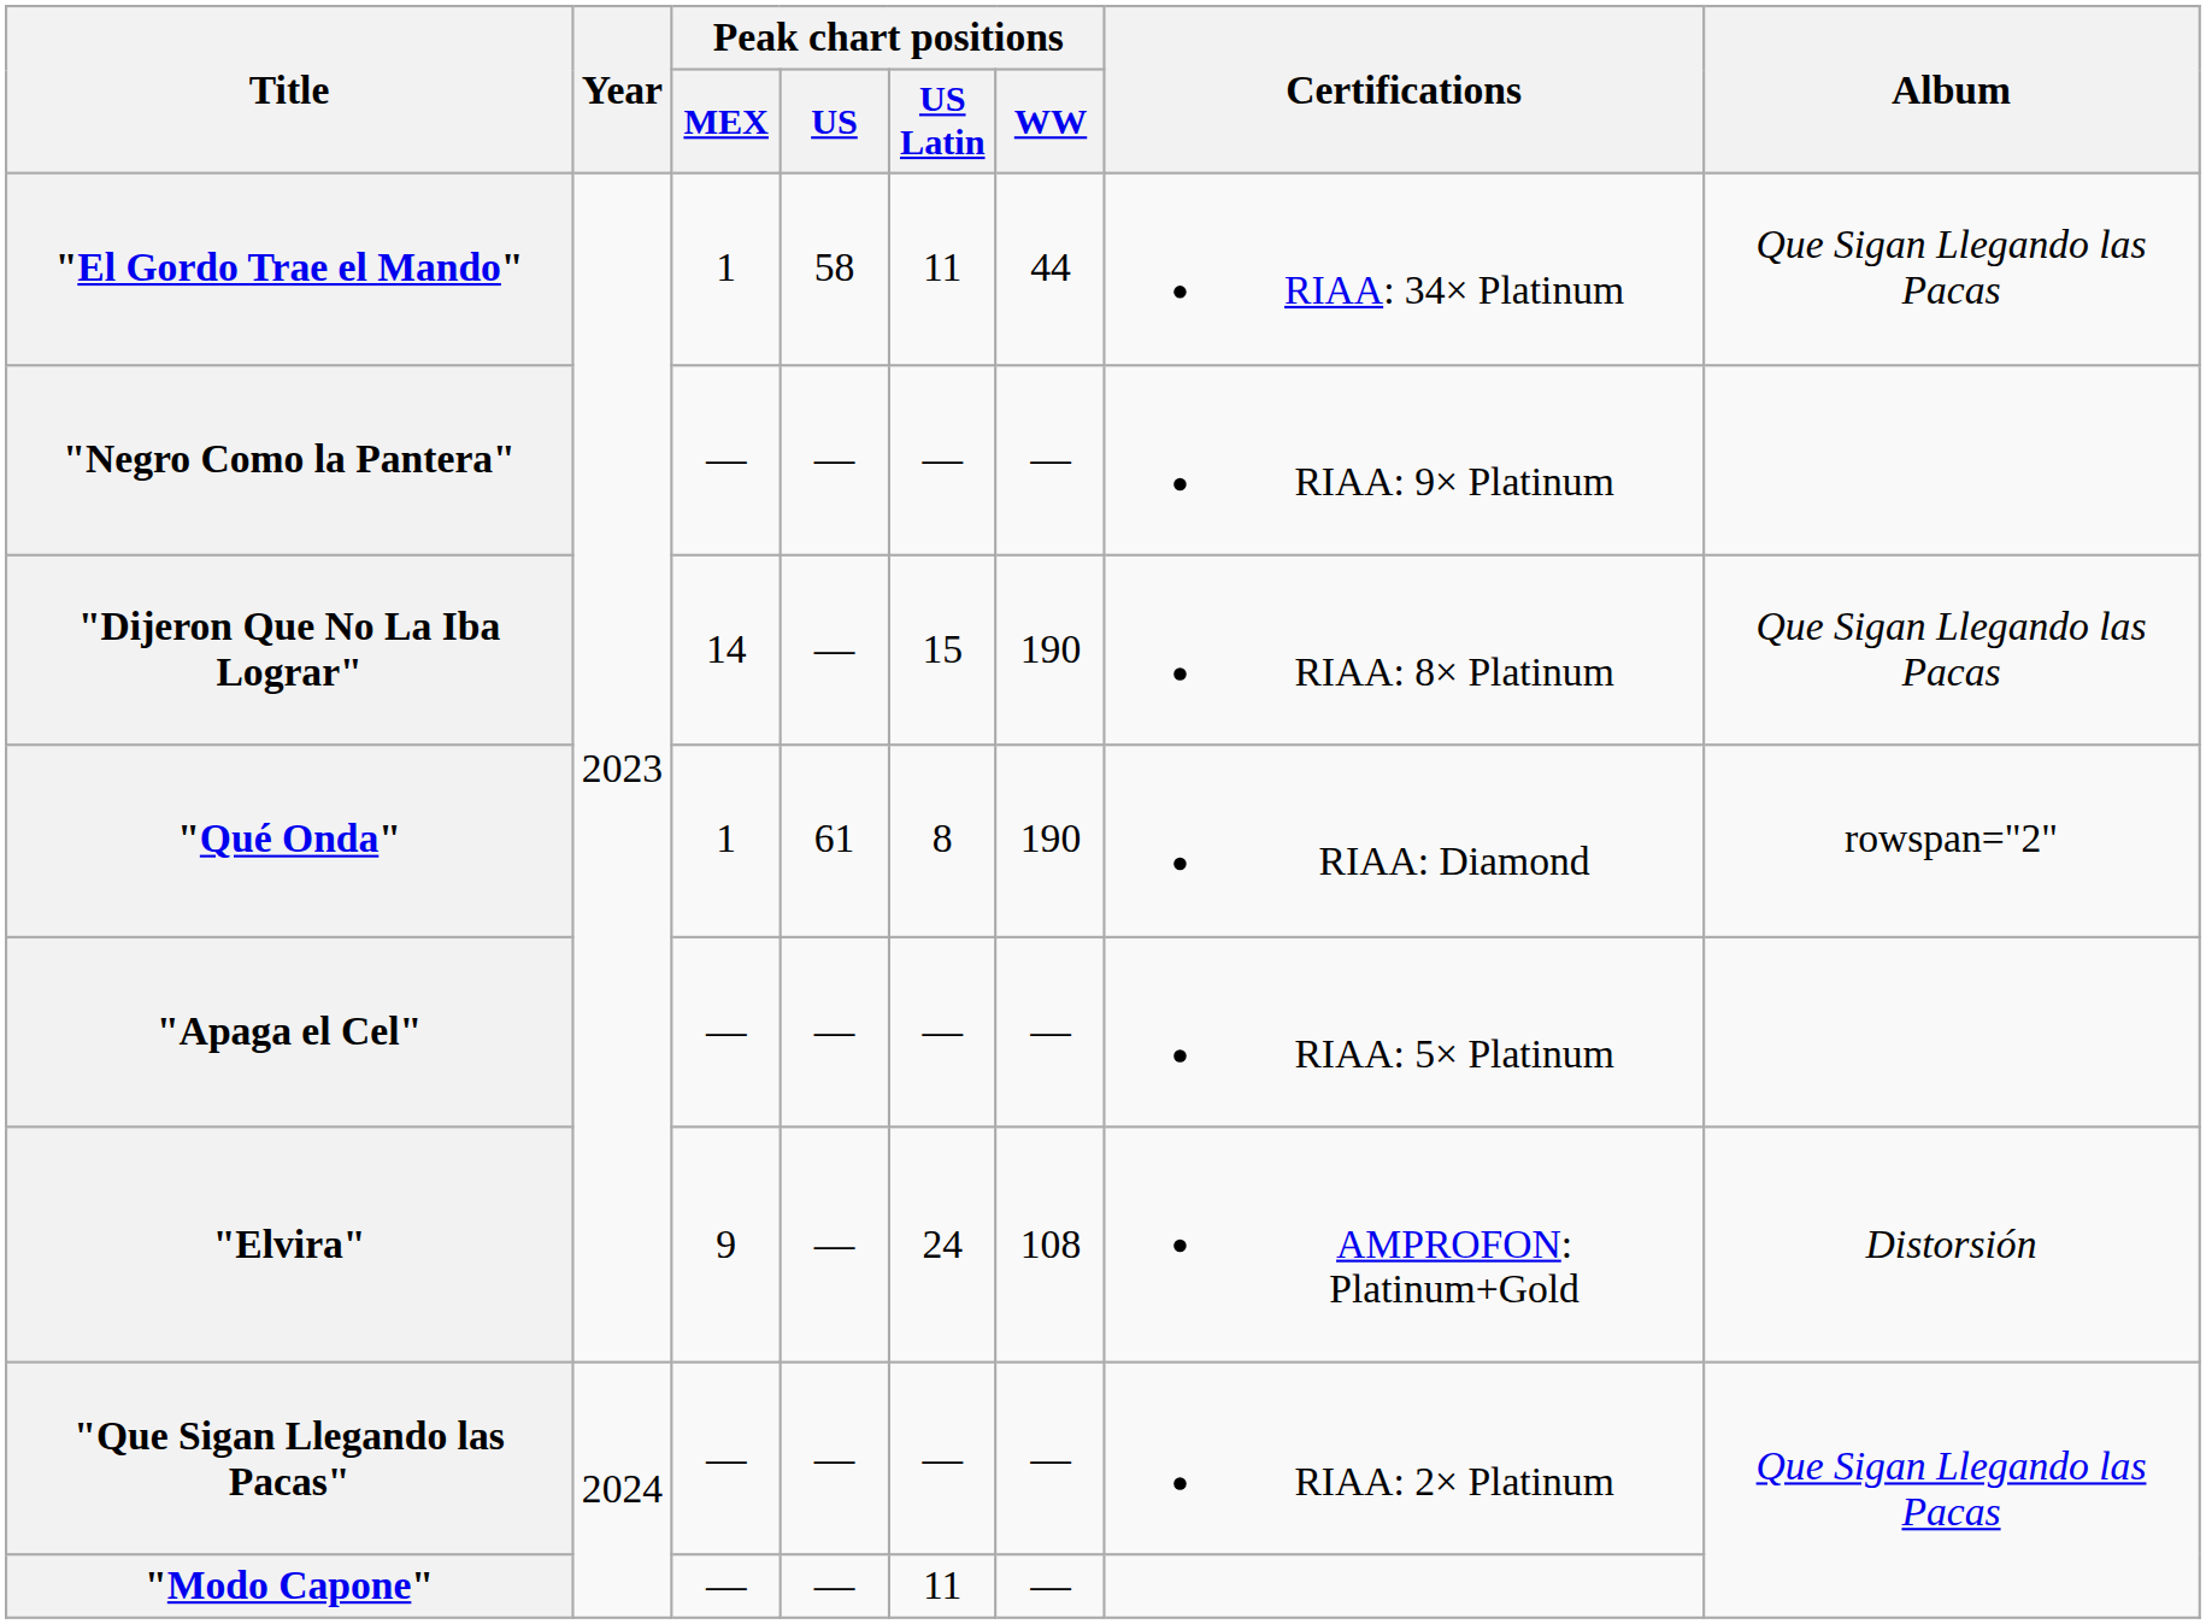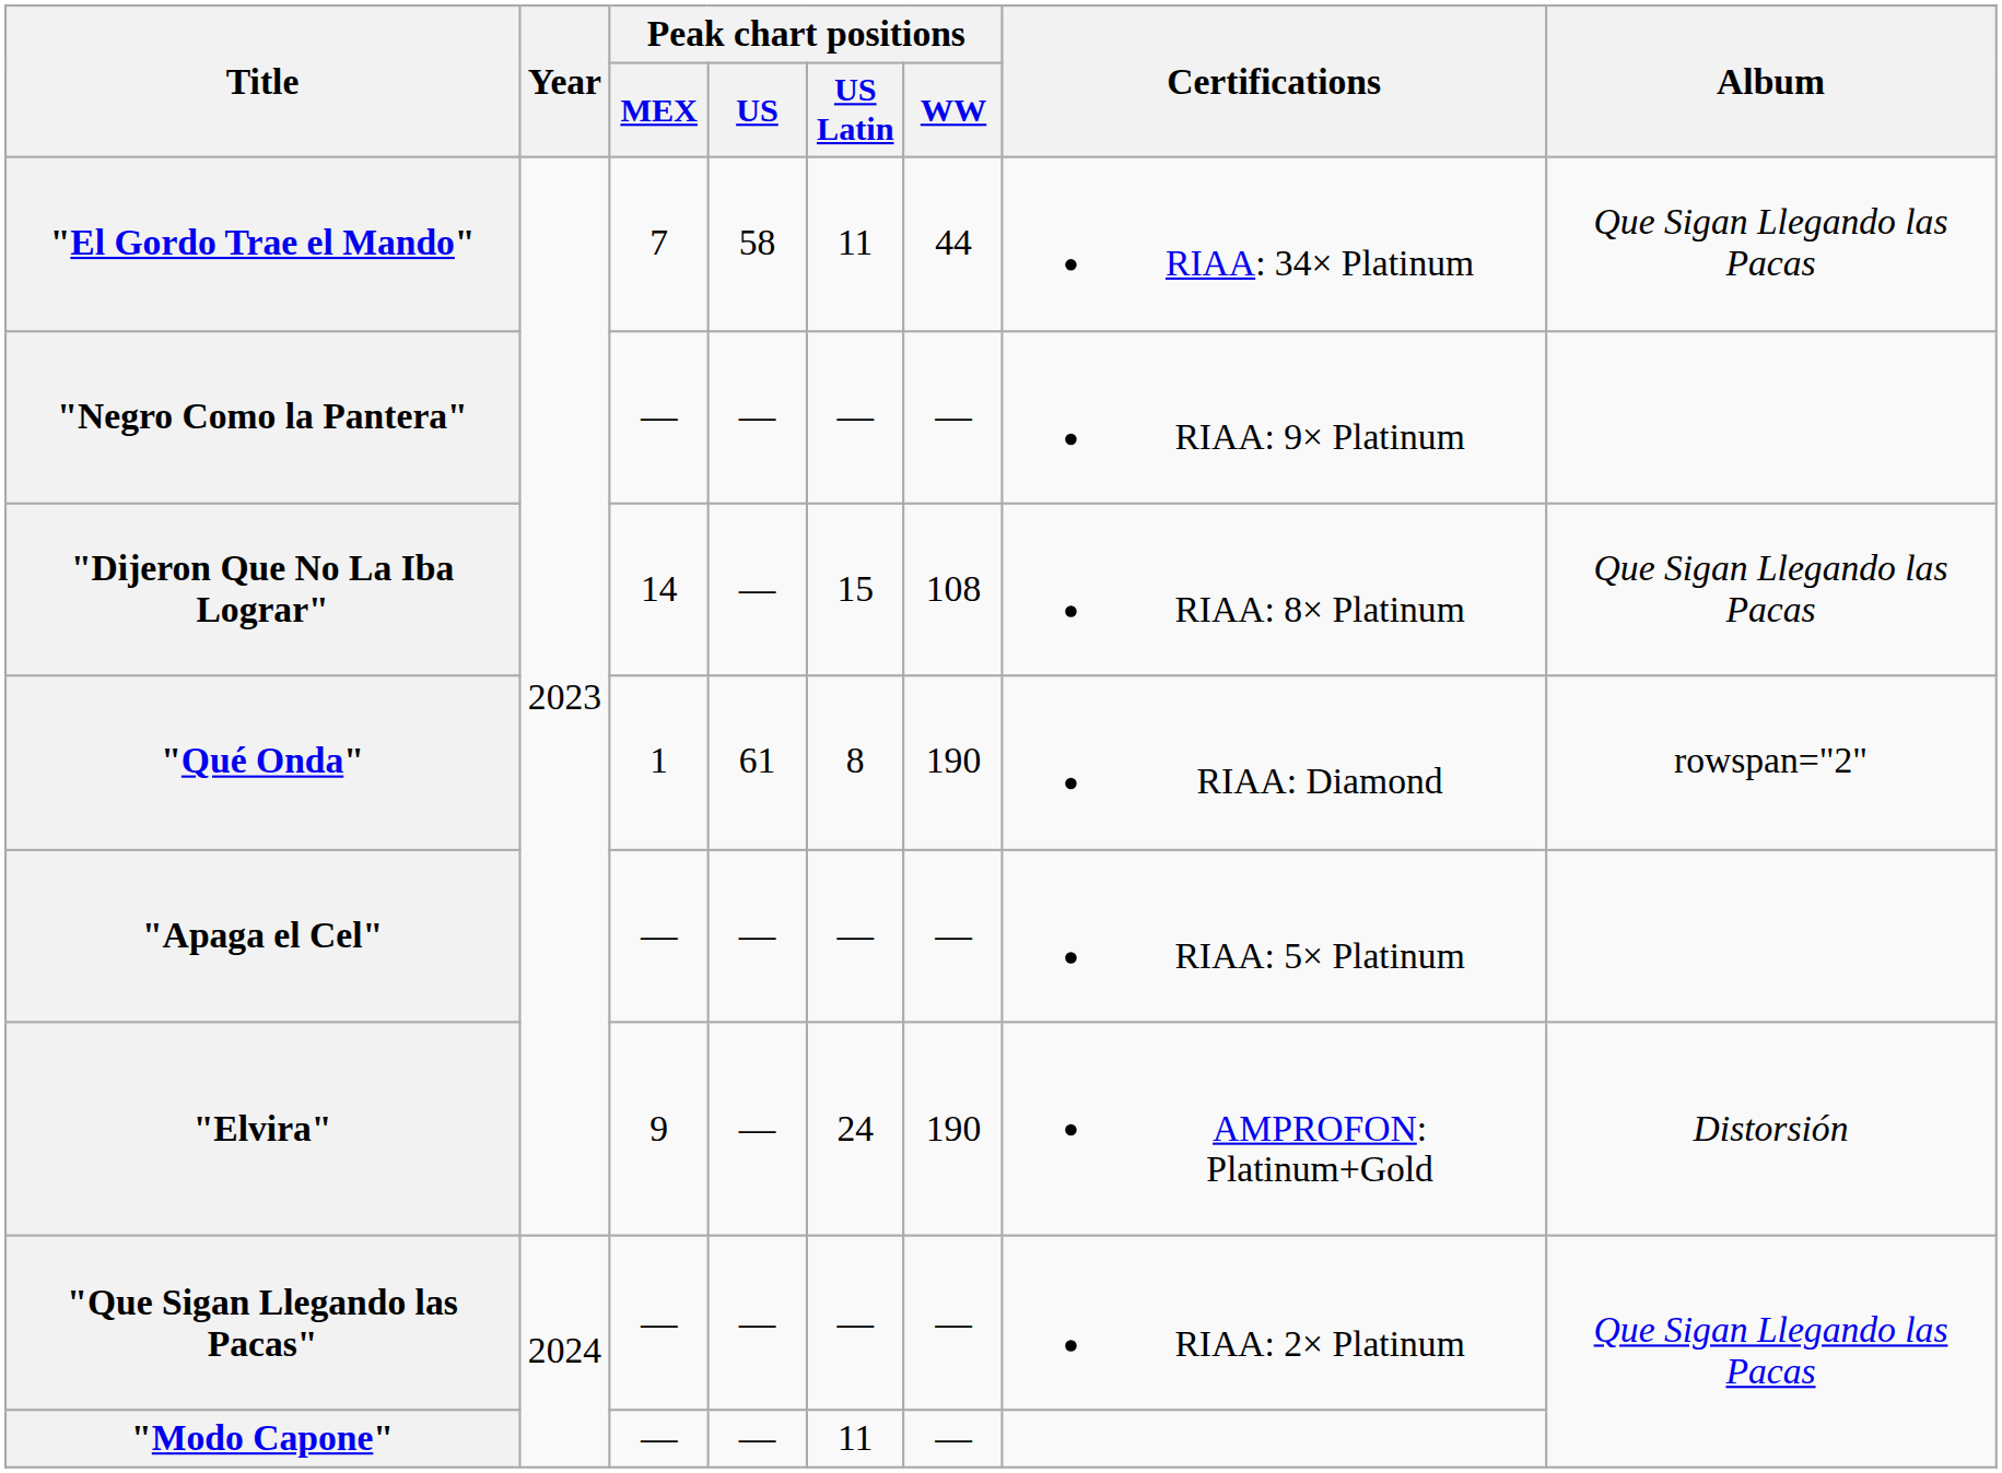 <table class="wikitable plainrowheaders" style="text-align:center;">
 <tr>
 <th scope="col" rowspan="2">Title</th>
 <th scope="col" rowspan="2">Year</th>
 <th scope="col" colspan="4">Peak chart positions</th>
 <th scope="col" rowspan="2">Certifications</th>
 <th scope="col" rowspan="2">Album</th>
 </tr>
 <tr>
 <th scope="col" style="width:2.5em;font-size:90%;"><a href='#'>MEX</a><br></th>
 <th scope="col" style="width:2.5em;font-size:90%;"><a href='#'>US</a><br></th>
 <th scope="col" style="width:2.5em; font-size:90%;"><a href='#'>US<br>Latin</a><br></th>
 <th scope="col" style="width:2.5em;font-size:90%;"><a href='#'>WW</a><br></th>
 </tr>
 <tr>
 <th scope="row">"<a href='#'>El Gordo Trae el Mando</a>"</th>
 <td rowspan="6">2023</td>
-<td>1</td>
+<td>7</td>
 <td>58</td>
 <td>11</td>
 <td>44</td>
 <td><br><ul><li><a href='#'>RIAA</a>: 34× Platinum </li></ul></td>
 <td><em>Que Sigan Llegando las Pacas</em></td>
 </tr>
 <tr>
 <th scope="row">"Negro Como la Pantera"<br></th>
 <td>—</td>
 <td>—</td>
 <td>—</td>
 <td>—</td>
 <td><br><ul><li>RIAA: 9× Platinum </li></ul></td>
 <td></td>
 </tr>
 <tr>
 <th scope="row">"Dijeron Que No La Iba Lograr"<br></th>
 <td>14</td>
 <td>—</td>
 <td>15</td>
-<td>190</td>
+<td>108</td>
 <td><br><ul><li>RIAA: 8× Platinum </li></ul></td>
 <td><em>Que Sigan Llegando las Pacas</em></td>
 </tr>
 <tr>
 <th scope="row">"<a href='#'>Qué Onda</a>"<br></th>
 <td>1</td>
 <td>61</td>
 <td>8</td>
 <td>190</td>
 <td><br><ul><li>RIAA: Diamond </li></ul></td>
 <td>rowspan="2" </td>
 </tr>
 <tr>
 <th scope="row">"Apaga el Cel"<br></th>
 <td>—</td>
 <td>—</td>
 <td>—</td>
 <td>—</td>
 <td><br><ul><li>RIAA: 5× Platinum </li></ul></td>
 </tr>
 <tr>
 <th scope="row">"Elvira"<br></th>
 <td>9</td>
 <td>—</td>
 <td>24</td>
-<td>108</td>
+<td>190</td>
 <td><br><ul><li><a href='#'>AMPROFON</a>: Platinum+Gold </li></ul></td>
 <td><em>Distorsión</em></td>
 </tr>
 <tr>
 <th scope="row">"Que Sigan Llegando las Pacas"</th>
 <td rowspan="2">2024</td>
 <td>—</td>
 <td>—</td>
 <td>—</td>
 <td>—</td>
 <td><br><ul><li>RIAA: 2× Platinum </li></ul></td>
 <td rowspan="2"><em><a href='#'>Que Sigan Llegando las Pacas</a></em></td>
 </tr>
 <tr>
 <th scope="row">"<a href='#'>Modo Capone</a>"<br></th>
 <td>—</td>
 <td>—</td>
 <td>11</td>
 <td>—</td>
 </tr>
 </table>
